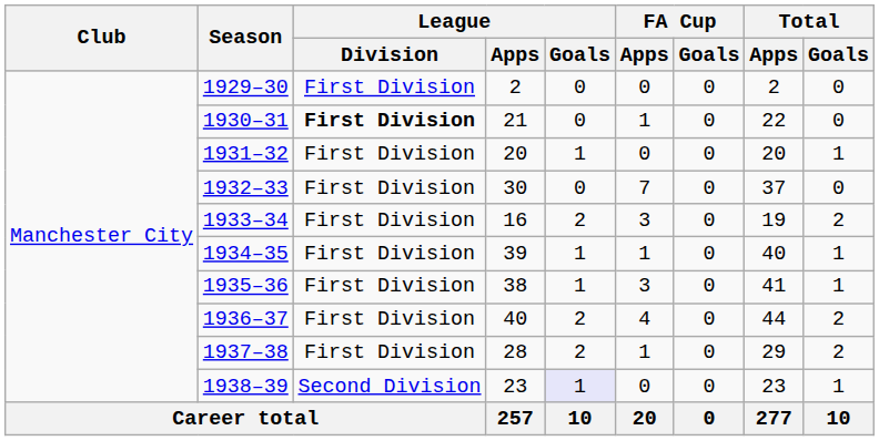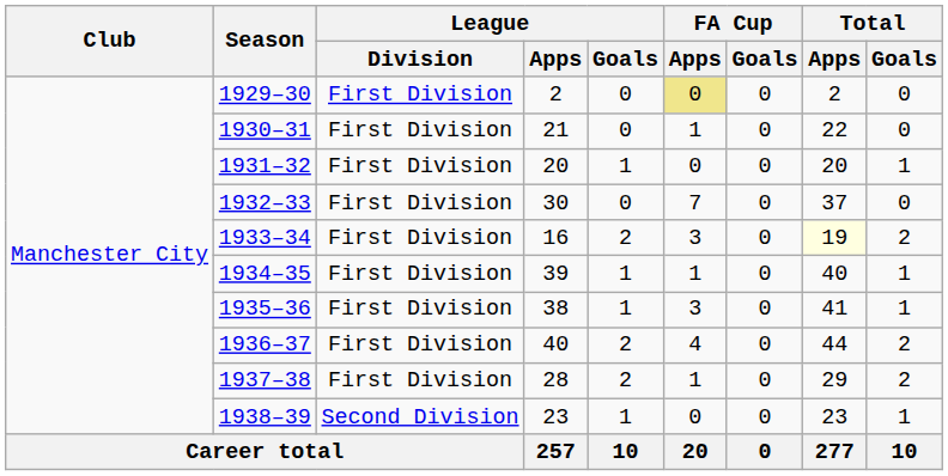 <table class="wikitable" style="text-align: center;">
 <tr>
 <th rowspan="2">Club</th>
 <th rowspan="2">Season</th>
 <th colspan="3">League</th>
 <th colspan="2">FA Cup</th>
 <th colspan="2">Total</th>
 </tr>
 <tr>
 <th>Division</th>
 <th>Apps</th>
 <th>Goals</th>
 <th>Apps</th>
 <th>Goals</th>
 <th>Apps</th>
 <th>Goals</th>
 </tr>
 <tr>
 <td rowspan="10"><a href='#'>Manchester City</a></td>
 <td><a href='#'>1929–30</a></td>
 <td><a href='#'>First Division</a></td>
 <td>2</td>
 <td>0</td>
-<td>0</td>
+<td style="background: khaki;">0</td>
 <td>0</td>
 <td>2</td>
 <td>0</td>
 </tr>
 <tr>
 <td><a href='#'>1930–31</a></td>
-<td><strong>First Division</strong></td>
+<td>First Division</td>
 <td>21</td>
 <td>0</td>
 <td>1</td>
 <td>0</td>
 <td>22</td>
 <td>0</td>
 </tr>
 <tr>
 <td><a href='#'>1931–32</a></td>
 <td>First Division</td>
 <td>20</td>
 <td>1</td>
 <td>0</td>
 <td>0</td>
 <td>20</td>
 <td>1</td>
 </tr>
 <tr>
 <td><a href='#'>1932–33</a></td>
 <td>First Division</td>
 <td>30</td>
 <td>0</td>
 <td>7</td>
 <td>0</td>
 <td>37</td>
 <td>0</td>
 </tr>
 <tr>
 <td><a href='#'>1933–34</a></td>
 <td>First Division</td>
 <td>16</td>
 <td>2</td>
 <td>3</td>
 <td>0</td>
-<td>19</td>
+<td style="background: lightyellow;">19</td>
 <td>2</td>
 </tr>
 <tr>
 <td><a href='#'>1934–35</a></td>
 <td>First Division</td>
 <td>39</td>
 <td>1</td>
 <td>1</td>
 <td>0</td>
 <td>40</td>
 <td>1</td>
 </tr>
 <tr>
 <td><a href='#'>1935–36</a></td>
 <td>First Division</td>
 <td>38</td>
 <td>1</td>
 <td>3</td>
 <td>0</td>
 <td>41</td>
 <td>1</td>
 </tr>
 <tr>
 <td><a href='#'>1936–37</a></td>
 <td>First Division</td>
 <td>40</td>
 <td>2</td>
 <td>4</td>
 <td>0</td>
 <td>44</td>
 <td>2</td>
 </tr>
 <tr>
 <td><a href='#'>1937–38</a></td>
 <td>First Division</td>
 <td>28</td>
 <td>2</td>
 <td>1</td>
 <td>0</td>
 <td>29</td>
 <td>2</td>
 </tr>
 <tr>
 <td><a href='#'>1938–39</a></td>
 <td><a href='#'>Second Division</a></td>
 <td>23</td>
-<td style="background: lavender;">1</td>
+<td>1</td>
 <td>0</td>
 <td>0</td>
 <td>23</td>
 <td>1</td>
 </tr>
 <tr>
 <th colspan="3">Career total</th>
 <th>257</th>
 <th>10</th>
 <th>20</th>
 <th>0</th>
 <th>277</th>
 <th>10</th>
 </tr>
 </table>
